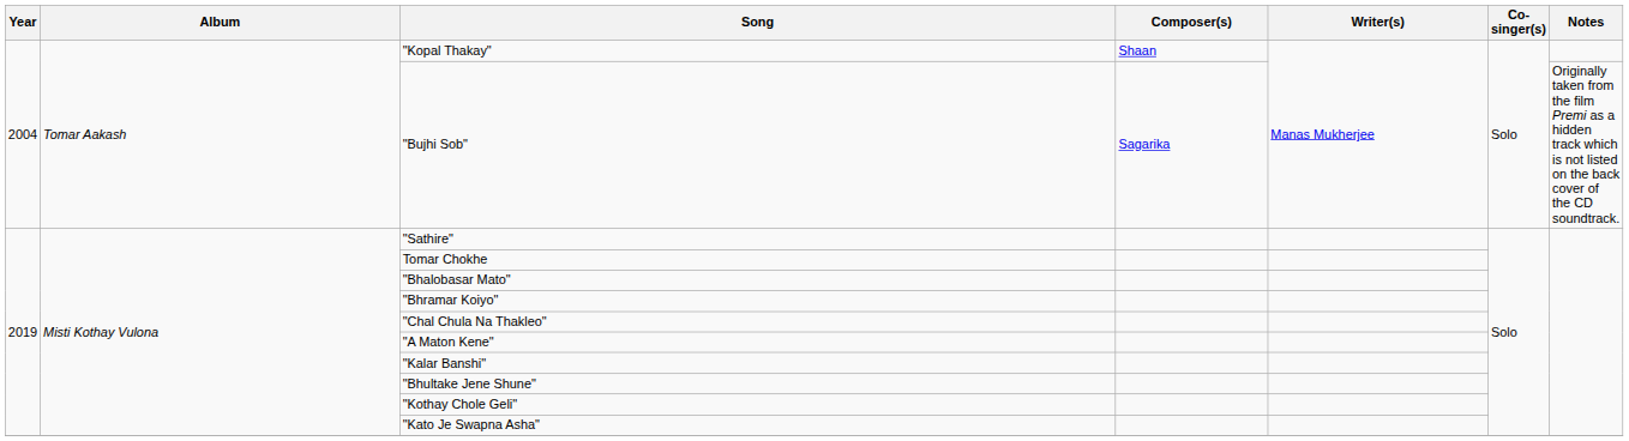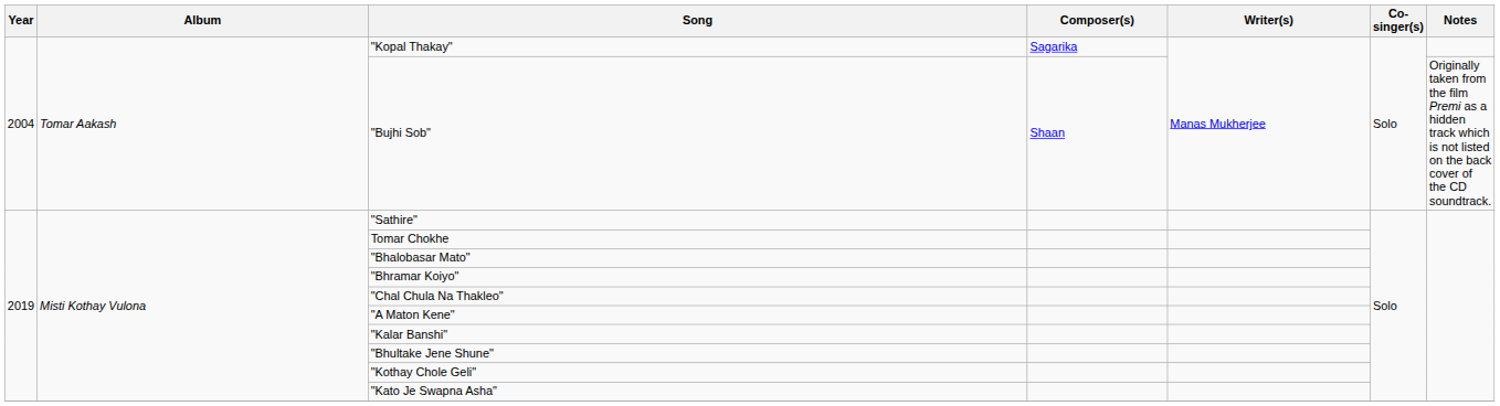 <table class="wikitable plainrowheaders" style="width:100%;">
 <tr>
 <th>Year</th>
 <th scope="col" style="width:25%;">Album</th>
 <th scope="col" style="width:50%;">Song</th>
 <th scope="col" style="width:10%;">Composer(s)</th>
 <th scope="col" style="width:25%;">Writer(s)</th>
 <th scope="col" style="width:20%;">Co-singer(s)</th>
 <th scope="col" style="width:20%;">Notes</th>
 </tr>
 <tr>
 <td rowspan="2">2004</td>
 <td rowspan="2"><em>Tomar Aakash</em></td>
 <td>"Kopal Thakay"</td>
-<td><a href='#'>Shaan</a></td>
+<td><a href='#'>Sagarika</a></td>
 <td rowspan="2"><a href='#'>Manas Mukherjee</a></td>
 <td rowspan="2">Solo</td>
 <td></td>
 </tr>
 <tr>
 <td>"Bujhi Sob"</td>
-<td><a href='#'>Sagarika</a></td>
+<td><a href='#'>Shaan</a></td>
 <td>Originally taken from the film <em>Premi</em> as a hidden track which is not listed on the back cover of the CD soundtrack.</td>
 </tr>
 <tr>
 <td rowspan="10">2019</td>
 <td rowspan="10"><em>Misti Kothay Vulona</em></td>
 <td>"Sathire"</td>
 <td></td>
 <td></td>
 <td rowspan="10">Solo</td>
 <td rowspan="10"></td>
 </tr>
 <tr>
 <td>Tomar Chokhe</td>
 <td></td>
 <td></td>
 </tr>
 <tr>
 <td>"Bhalobasar Mato"</td>
 <td></td>
 <td></td>
 </tr>
 <tr>
 <td>"Bhramar Koiyo"</td>
 <td></td>
 <td></td>
 </tr>
 <tr>
 <td>"Chal Chula Na Thakleo"</td>
 <td></td>
 <td></td>
 </tr>
 <tr>
 <td>"A Maton Kene"</td>
 <td></td>
 <td></td>
 </tr>
 <tr>
 <td>"Kalar Banshi"</td>
 <td></td>
 <td></td>
 </tr>
 <tr>
 <td>"Bhultake Jene Shune"</td>
 <td></td>
 <td></td>
 </tr>
 <tr>
 <td>"Kothay Chole Geli"</td>
 <td></td>
 <td></td>
 </tr>
 <tr>
 <td>"Kato Je Swapna Asha"</td>
 <td></td>
 <td></td>
 </tr>
 <tr>
 </tr>
 </table>
